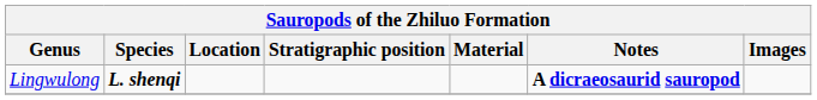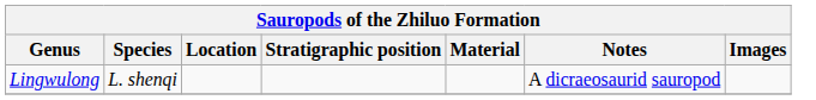 <table class="wikitable" align="center">
 <tr>
 <th colspan="7" align="center"><a href='#'>Sauropods</a> of the Zhiluo Formation</th>
 </tr>
 <tr>
 <th>Genus</th>
 <th>Species</th>
 <th>Location</th>
 <th>Stratigraphic position</th>
 <th>Material</th>
 <th>Notes</th>
 <th>Images</th>
 </tr>
 <tr>
 <td><em><a href='#'>Lingwulong</a></em></td>
-<td><strong><em>L. shenqi</em></strong></td>
+<td><em>L. shenqi</em></td>
 <td></td>
 <td></td>
 <td></td>
-<td><strong>A <a href='#'>dicraeosaurid</a> <a href='#'>sauropod</a></strong></td>
+<td>A <a href='#'>dicraeosaurid</a> <a href='#'>sauropod</a></td>
 <td></td>
 </tr>
 <tr>
 </tr>
 </table>
